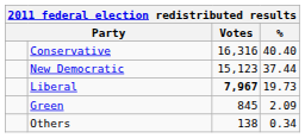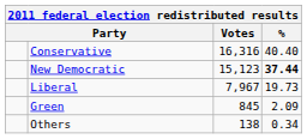 <table class="wikitable">
 <tr>
 <th colspan="4"><a href='#'>2011 federal election</a> redistributed results</th>
 </tr>
 <tr>
 <th bgcolor="#DDDDFF" width="130px" colspan="2">Party</th>
 <th bgcolor="#DDDDFF" width="50px">Votes</th>
 <th bgcolor="#DDDDFF" width="30px">%</th>
 </tr>
 <tr>
 <td> </td>
 <td><a href='#'>Conservative</a></td>
 <td align=right>16,316</td>
 <td align=right>40.40</td>
 </tr>
 <tr>
 <td> </td>
 <td><a href='#'>New Democratic</a></td>
 <td align=right>15,123</td>
-<td align=right>37.44</td>
+<td align=right><strong>37.44</strong></td>
 </tr>
 <tr>
 <td> </td>
 <td><a href='#'>Liberal</a></td>
-<td align=right><strong>7,967</strong></td>
+<td align=right>7,967</td>
 <td align=right>19.73</td>
 </tr>
 <tr>
 <td> </td>
 <td><a href='#'>Green</a></td>
 <td align=right>845</td>
 <td align=right>2.09</td>
 </tr>
 <tr>
 <td> </td>
 <td>Others</td>
 <td align=right>138</td>
 <td align=right>0.34</td>
 </tr>
 </table>
